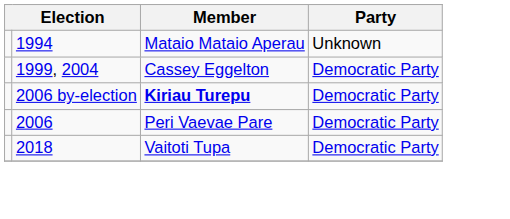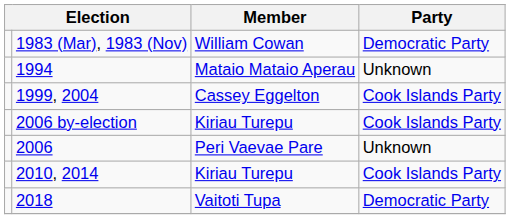 <table class="wikitable">
 <tr>
 <th colspan="2">Election</th>
 <th>Member</th>
 <th>Party</th>
+</tr>
+<tr>
+<td style="background-color: "></td>
+<td><a href='#'>1983 (Mar)</a>, <a href='#'>1983 (Nov)</a></td>
+<td><a href='#'>William Cowan</a></td>
+<td><a href='#'>Democratic Party</a></td>
 </tr>
 <tr>
 <td style="background-color: "></td>
 <td><a href='#'>1994</a></td>
 <td><a href='#'>Mataio Mataio Aperau</a></td>
 <td>Unknown</td>
 </tr>
 <tr>
 <td style="background-color: "></td>
 <td><a href='#'>1999</a>, <a href='#'>2004</a></td>
 <td><a href='#'>Cassey Eggelton</a></td>
-<td><a href='#'>Democratic Party</a></td>
+<td><a href='#'>Cook Islands Party</a></td>
 </tr>
 <tr>
 <td style="background-color: "></td>
 <td><a href='#'>2006 by-election</a></td>
-<td><strong><a href='#'>Kiriau Turepu</a></strong></td>
-<td><a href='#'>Democratic Party</a></td>
+<td><a href='#'>Kiriau Turepu</a></td>
+<td><a href='#'>Cook Islands Party</a></td>
 </tr>
 <tr>
 <td style="background-color: "></td>
 <td><a href='#'>2006</a></td>
 <td><a href='#'>Peri Vaevae Pare</a></td>
-<td><a href='#'>Democratic Party</a></td>
+<td>Unknown</td>
+</tr>
+<tr>
+<td style="background-color: "></td>
+<td><a href='#'>2010</a>, <a href='#'>2014</a></td>
+<td><a href='#'>Kiriau Turepu</a></td>
+<td><a href='#'>Cook Islands Party</a></td>
 </tr>
 <tr>
 <td style="background-color: "></td>
 <td><a href='#'>2018</a></td>
 <td><a href='#'>Vaitoti Tupa</a></td>
 <td><a href='#'>Democratic Party</a></td>
 </tr>
 <tr>
 </tr>
 </table>
